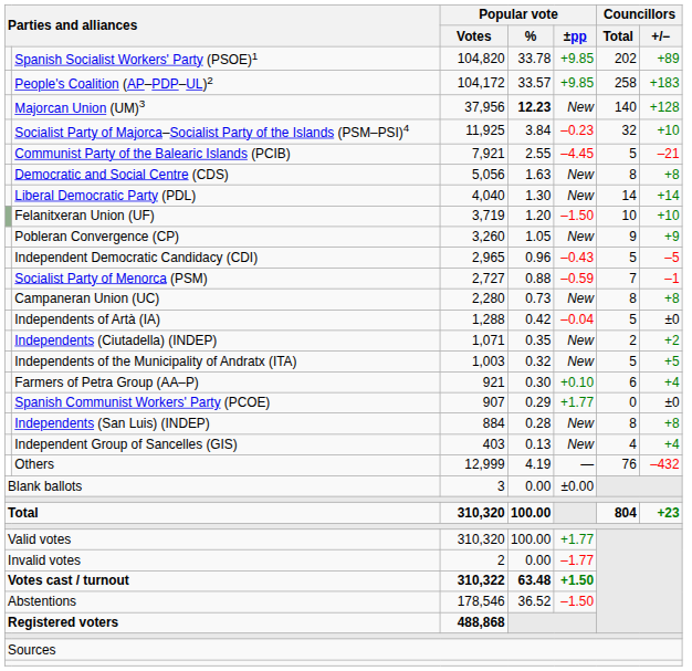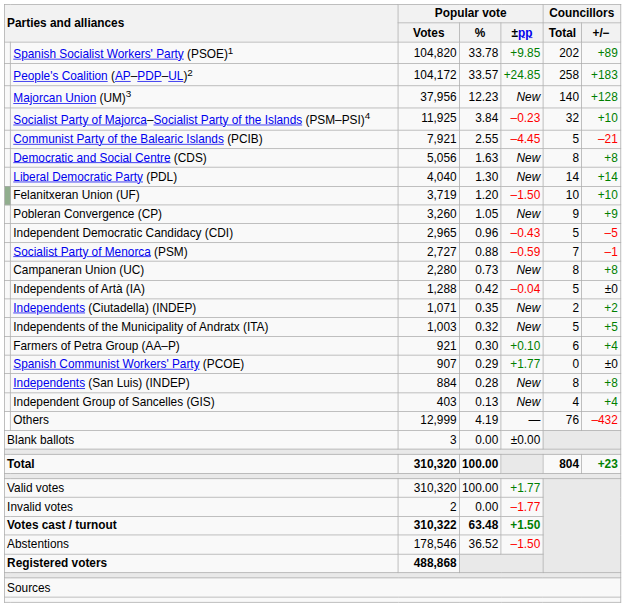 <table class="wikitable" style="text-align:right;">
 <tr>
 <th style="text-align:left;" rowspan="2" colspan="2" width="525">Parties and alliances</th>
 <th colspan="3">Popular vote</th>
 <th colspan="2">Councillors</th>
 </tr>
 <tr>
 <th width="75">Votes</th>
 <th width="45">%</th>
 <th width="45">±<a href='#'>pp</a></th>
 <th width="45">Total</th>
 <th width="45">+/−</th>
 </tr>
 <tr>
 <td width="1" style="color:inherit;background:"></td>
 <td align="left"><a href='#'>Spanish Socialist Workers' Party</a> (PSOE)<sup>1</sup></td>
 <td>104,820</td>
 <td>33.78</td>
 <td style="color:green;">+9.85</td>
 <td>202</td>
 <td style="color:green;">+89</td>
 </tr>
 <tr>
 <td style="color:inherit;background:"></td>
 <td align="left"><a href='#'>People's Coalition</a> (<a href='#'>AP</a>–<a href='#'>PDP</a>–<a href='#'>UL</a>)<sup>2</sup></td>
 <td>104,172</td>
 <td>33.57</td>
-<td style="color:green;">+9.85</td>
+<td style="color:green;">+24.85</td>
 <td>258</td>
 <td style="color:green;">+183</td>
 </tr>
 <tr>
 <td style="color:inherit;background:"></td>
 <td align="left"><a href='#'>Majorcan Union</a> (UM)<sup>3</sup></td>
 <td>37,956</td>
-<td><strong>12.23</strong></td>
+<td>12.23</td>
 <td><em>New</em></td>
 <td>140</td>
 <td style="color:green;">+128</td>
 </tr>
 <tr>
 <td style="color:inherit;background:"></td>
 <td align="left"><a href='#'>Socialist Party of Majorca</a>–<a href='#'>Socialist Party of the Islands</a> (PSM–PSI)<sup>4</sup></td>
 <td>11,925</td>
 <td>3.84</td>
 <td style="color:red;">–0.23</td>
 <td>32</td>
 <td style="color:green;">+10</td>
 </tr>
 <tr>
 <td style="color:inherit;background:"></td>
 <td align="left"><a href='#'>Communist Party of the Balearic Islands</a> (PCIB)</td>
 <td>7,921</td>
 <td>2.55</td>
 <td style="color:red;">–4.45</td>
 <td>5</td>
 <td style="color:red;">–21</td>
 </tr>
 <tr>
 <td style="color:inherit;background:"></td>
 <td align="left"><a href='#'>Democratic and Social Centre</a> (CDS)</td>
 <td>5,056</td>
 <td>1.63</td>
 <td><em>New</em></td>
 <td>8</td>
 <td style="color:green;">+8</td>
 </tr>
 <tr>
 <td style="color:inherit;background:"></td>
 <td align="left"><a href='#'>Liberal Democratic Party</a> (PDL)</td>
 <td>4,040</td>
 <td>1.30</td>
 <td><em>New</em></td>
 <td>14</td>
 <td style="color:green;">+14</td>
 </tr>
 <tr>
 <td bgcolor="#91AE8E"></td>
 <td align="left">Felanitxeran Union (UF)</td>
 <td>3,719</td>
 <td>1.20</td>
 <td style="color:red;">–1.50</td>
 <td>10</td>
 <td style="color:green;">+10</td>
 </tr>
 <tr>
 <td style="color:inherit;background:"></td>
 <td align="left">Pobleran Convergence (CP)</td>
 <td>3,260</td>
 <td>1.05</td>
 <td><em>New</em></td>
 <td>9</td>
 <td style="color:green;">+9</td>
 </tr>
 <tr>
 <td style="color:inherit;background:"></td>
 <td align="left">Independent Democratic Candidacy (CDI)</td>
 <td>2,965</td>
 <td>0.96</td>
 <td style="color:red;">–0.43</td>
 <td>5</td>
 <td style="color:red;">–5</td>
 </tr>
 <tr>
 <td style="color:inherit;background:"></td>
 <td align="left"><a href='#'>Socialist Party of Menorca</a> (PSM)</td>
 <td>2,727</td>
 <td>0.88</td>
 <td style="color:red;">–0.59</td>
 <td>7</td>
 <td style="color:red;">–1</td>
 </tr>
 <tr>
 <td style="color:inherit;background:"></td>
 <td align="left">Campaneran Union (UC)</td>
 <td>2,280</td>
 <td>0.73</td>
 <td><em>New</em></td>
 <td>8</td>
 <td style="color:green;">+8</td>
 </tr>
 <tr>
 <td style="color:inherit;background:"></td>
 <td align="left">Independents of Artà (IA)</td>
 <td>1,288</td>
 <td>0.42</td>
 <td style="color:red;">–0.04</td>
 <td>5</td>
 <td>±0</td>
 </tr>
 <tr>
 <td style="color:inherit;background:"></td>
 <td align="left"><a href='#'>Independents</a> (Ciutadella) (INDEP)</td>
 <td>1,071</td>
 <td>0.35</td>
 <td><em>New</em></td>
 <td>2</td>
 <td style="color:green;">+2</td>
 </tr>
 <tr>
 <td style="color:inherit;background:"></td>
 <td align="left">Independents of the Municipality of Andratx (ITA)</td>
 <td>1,003</td>
 <td>0.32</td>
 <td><em>New</em></td>
 <td>5</td>
 <td style="color:green;">+5</td>
 </tr>
 <tr>
 <td style="color:inherit;background:"></td>
 <td align="left">Farmers of Petra Group (AA–P)</td>
 <td>921</td>
 <td>0.30</td>
 <td style="color:green;">+0.10</td>
 <td>6</td>
 <td style="color:green;">+4</td>
 </tr>
 <tr>
 <td style="color:inherit;background:"></td>
 <td align="left"><a href='#'>Spanish Communist Workers' Party</a> (PCOE)</td>
 <td>907</td>
 <td>0.29</td>
 <td style="color:green;">+1.77</td>
 <td>0</td>
 <td>±0</td>
 </tr>
 <tr>
 <td style="color:inherit;background:"></td>
 <td align="left"><a href='#'>Independents</a> (San Luis) (INDEP)</td>
 <td>884</td>
 <td>0.28</td>
 <td><em>New</em></td>
 <td>8</td>
 <td style="color:green;">+8</td>
 </tr>
 <tr>
 <td style="color:inherit;background:"></td>
 <td align="left">Independent Group of Sancelles (GIS)</td>
 <td>403</td>
 <td>0.13</td>
 <td><em>New</em></td>
 <td>4</td>
 <td style="color:green;">+4</td>
 </tr>
 <tr>
 <td bgcolor="white"></td>
 <td align="left">Others</td>
 <td>12,999</td>
 <td>4.19</td>
 <td>—</td>
 <td>76</td>
 <td style="color:red;">–432</td>
 </tr>
 <tr>
 <td align="left" colspan="2">Blank ballots</td>
 <td>3</td>
 <td>0.00</td>
 <td>±0.00</td>
 <td bgcolor="#E9E9E9" colspan="2"></td>
 </tr>
 <tr>
 <td colspan="7" bgcolor="#E9E9E9"></td>
 </tr>
 <tr style="font-weight:bold;">
 <td align="left" colspan="2">Total</td>
 <td>310,320</td>
 <td>100.00</td>
 <td bgcolor="#E9E9E9"></td>
 <td>804</td>
 <td style="color:green;">+23</td>
 </tr>
 <tr>
 <td colspan="7" bgcolor="#E9E9E9"></td>
 </tr>
 <tr>
 <td align="left" colspan="2">Valid votes</td>
 <td>310,320</td>
 <td>100.00</td>
 <td style="color:green;">+1.77</td>
 <td bgcolor="#E9E9E9" colspan="2" rowspan="5"></td>
 </tr>
 <tr>
 <td align="left" colspan="2">Invalid votes</td>
 <td>2</td>
 <td>0.00</td>
 <td style="color:red;">–1.77</td>
 </tr>
 <tr style="font-weight:bold;">
 <td align="left" colspan="2">Votes cast / turnout</td>
 <td>310,322</td>
 <td>63.48</td>
 <td style="color:green;">+1.50</td>
 </tr>
 <tr>
 <td align="left" colspan="2">Abstentions</td>
 <td>178,546</td>
 <td>36.52</td>
 <td style="color:red;">–1.50</td>
 </tr>
 <tr style="font-weight:bold;">
 <td align="left" colspan="2">Registered voters</td>
 <td>488,868</td>
 <td bgcolor="#E9E9E9" colspan="2"></td>
 </tr>
 <tr>
 <td colspan="7" bgcolor="#E9E9E9"></td>
 </tr>
 <tr>
 <td align="left" colspan="7">Sources</td>
 </tr>
 <tr>
 <td colspan="7" style="text-align:left; max-width:790px;"></td>
 </tr>
 </table>
